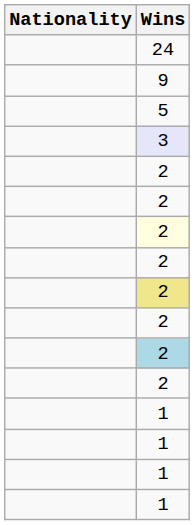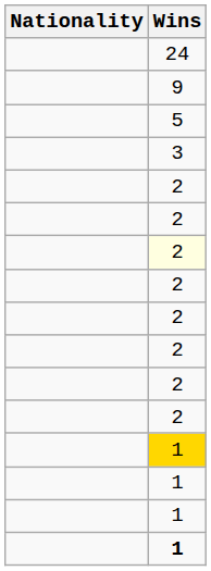 <table class="wikitable">
 <tr>
 <th>Nationality</th>
 <th>Wins</th>
 </tr>
 <tr>
 <td></td>
 <td align=center>24</td>
 </tr>
 <tr>
 <td></td>
 <td align=center>9</td>
 </tr>
 <tr>
 <td></td>
 <td align=center>5</td>
 </tr>
 <tr>
 <td></td>
-<td align=center style="background: lavender;">3</td>
+<td align=center>3</td>
 </tr>
 <tr>
 <td></td>
 <td align=center>2</td>
 </tr>
 <tr>
 <td></td>
 <td align=center>2</td>
 </tr>
 <tr>
 <td></td>
 <td align=center style="background: lightyellow;">2</td>
 </tr>
 <tr>
 <td></td>
 <td align=center>2</td>
 </tr>
 <tr>
 <td></td>
-<td align=center style="background: khaki;">2</td>
+<td align=center>2</td>
 </tr>
 <tr>
 <td></td>
 <td align=center>2</td>
 </tr>
 <tr>
 <td></td>
-<td align=center style="background: lightblue;">2</td>
+<td align=center>2</td>
 </tr>
 <tr>
 <td></td>
 <td align=center>2</td>
+</tr>
+<tr>
+<td></td>
+<td align=center style="background: gold;">1</td>
 </tr>
 <tr>
 <td></td>
 <td align=center>1</td>
 </tr>
 <tr>
 <td></td>
 <td align=center>1</td>
 </tr>
 <tr>
 <td></td>
-<td align=center>1</td>
-</tr>
-<tr>
-<td></td>
-<td align=center>1</td>
+<td align=center><strong>1</strong></td>
 </tr>
 </table>
